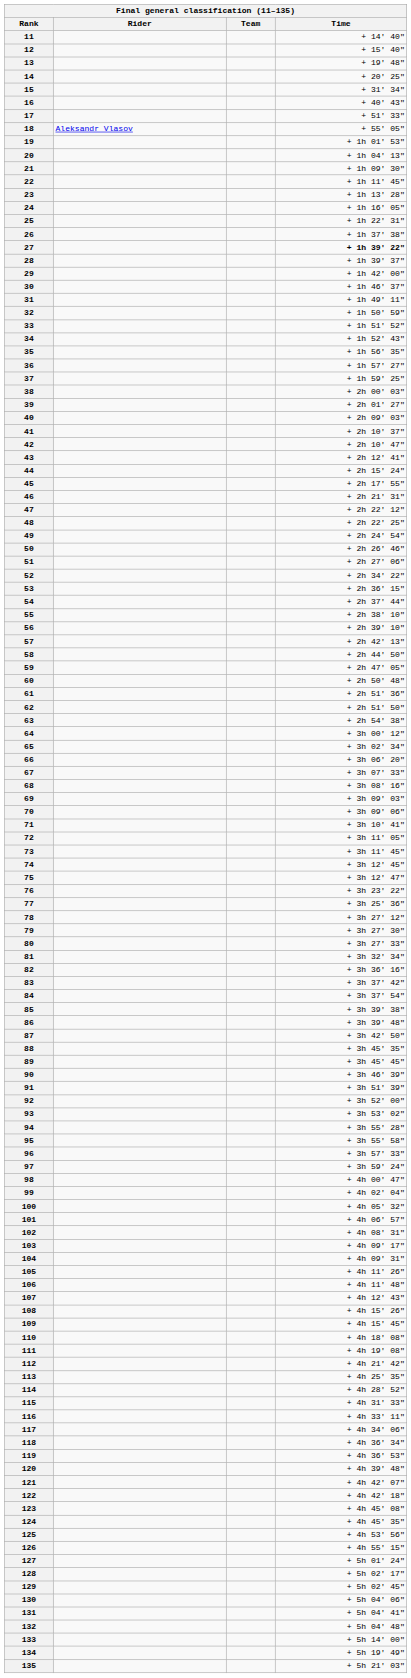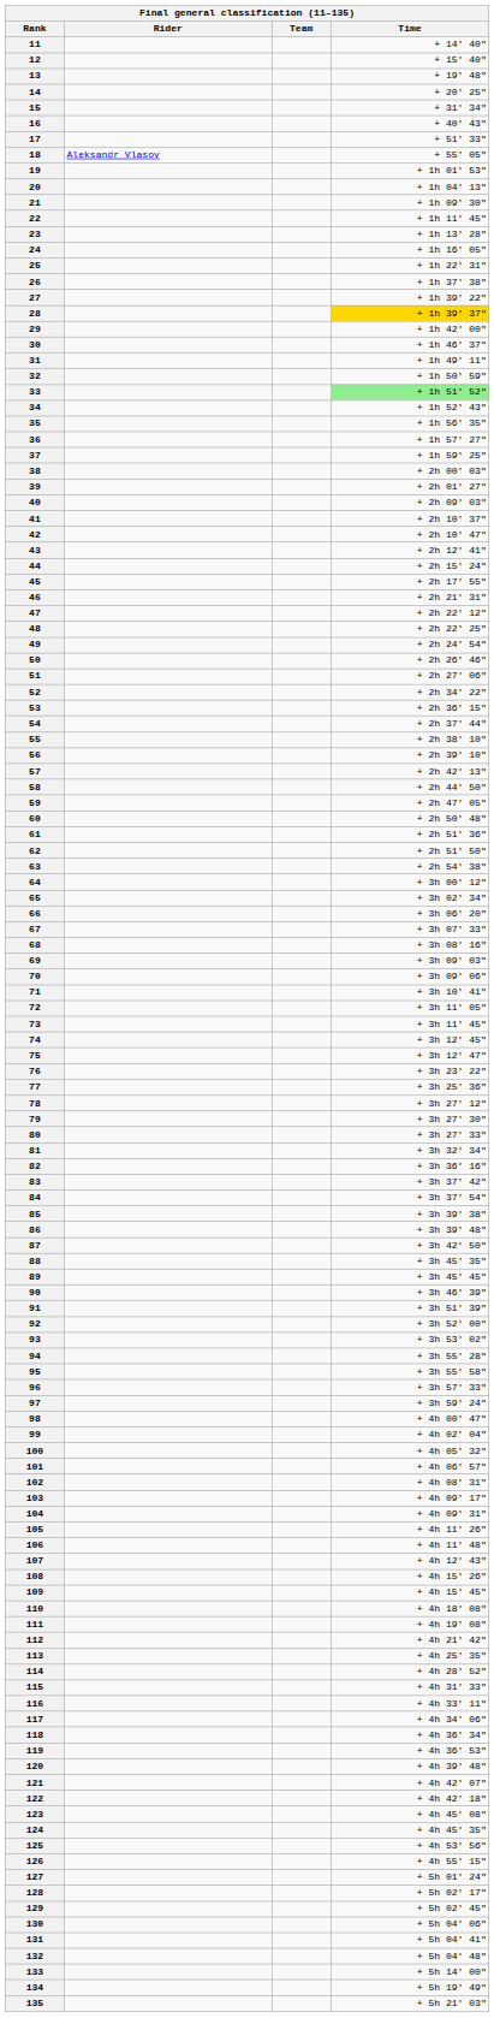 <table class="collapsible collapsed wikitable" style="width:50em;margin-top:-1px;">
 <tr>
 <th scope="col" colspan="4">Final general classification (11–135)</th>
 </tr>
 <tr>
 <th scope="col">Rank</th>
 <th scope="col">Rider</th>
 <th scope="col">Team</th>
 <th scope="col">Time</th>
 </tr>
 <tr>
 <th scope="row">11</th>
 <td></td>
 <td></td>
 <td style="text-align:right;">+ 14' 40"</td>
 </tr>
 <tr>
 <th scope="row">12</th>
 <td> </td>
 <td></td>
 <td style="text-align:right;">+ 15' 40"</td>
 </tr>
 <tr>
 <th scope="row">13</th>
 <td></td>
 <td></td>
 <td style="text-align:right;">+ 19' 48"</td>
 </tr>
 <tr>
 <th scope="row">14</th>
 <td></td>
 <td></td>
 <td style="text-align:right;">+ 20' 25"</td>
 </tr>
 <tr>
 <th scope="row">15</th>
 <td></td>
 <td></td>
 <td style="text-align:right;">+ 31' 34"</td>
 </tr>
 <tr>
 <th scope="row">16</th>
 <td></td>
 <td></td>
 <td style="text-align:right;">+ 40' 43"</td>
 </tr>
 <tr>
 <th scope="row">17</th>
 <td></td>
 <td></td>
 <td style="text-align:right;">+ 51' 33"</td>
 </tr>
 <tr>
 <th scope="row">18</th>
 <td> <a href='#'>Aleksandr Vlasov</a></td>
 <td></td>
 <td style="text-align:right;">+ 55' 05"</td>
 </tr>
 <tr>
 <th scope="row">19</th>
 <td></td>
 <td></td>
 <td style="text-align:right;">+ 1h 01' 53"</td>
 </tr>
 <tr>
 <th scope="row">20</th>
 <td></td>
 <td></td>
 <td style="text-align:right;">+ 1h 04' 13"</td>
 </tr>
 <tr>
 <th scope="row">21</th>
 <td></td>
 <td></td>
 <td style="text-align:right;">+ 1h 09' 30"</td>
 </tr>
 <tr>
 <th scope="row">22</th>
 <td></td>
 <td></td>
 <td style="text-align:right;">+ 1h 11' 45"</td>
 </tr>
 <tr>
 <th scope="row">23</th>
 <td></td>
 <td></td>
 <td style="text-align:right;">+ 1h 13' 28"</td>
 </tr>
 <tr>
 <th scope="row">24</th>
 <td></td>
 <td></td>
 <td style="text-align:right;">+ 1h 16' 05"</td>
 </tr>
 <tr>
 <th scope="row">25</th>
 <td></td>
 <td></td>
 <td style="text-align:right;">+ 1h 22' 31"</td>
 </tr>
 <tr>
 <th scope="row">26</th>
 <td></td>
 <td></td>
 <td style="text-align:right;">+ 1h 37' 38"</td>
 </tr>
 <tr>
 <th scope="row">27</th>
 <td></td>
 <td></td>
-<td style="text-align:right;"><strong>+ 1h 39' 22"</strong></td>
+<td style="text-align:right;">+ 1h 39' 22"</td>
 </tr>
 <tr>
 <th scope="row">28</th>
 <td></td>
 <td></td>
-<td style="text-align:right;">+ 1h 39' 37"</td>
+<td style="background: gold; text-align:right;">+ 1h 39' 37"</td>
 </tr>
 <tr>
 <th scope="row">29</th>
 <td></td>
 <td></td>
 <td style="text-align:right;">+ 1h 42' 00"</td>
 </tr>
 <tr>
 <th scope="row">30</th>
 <td></td>
 <td></td>
 <td style="text-align:right;">+ 1h 46' 37"</td>
 </tr>
 <tr>
 <th scope="row">31</th>
 <td></td>
 <td></td>
 <td style="text-align:right;">+ 1h 49' 11"</td>
 </tr>
 <tr>
 <th scope="row">32</th>
 <td></td>
 <td></td>
 <td style="text-align:right;">+ 1h 50' 59"</td>
 </tr>
 <tr>
 <th scope="row">33</th>
 <td></td>
 <td></td>
-<td style="text-align:right;">+ 1h 51' 52"</td>
+<td style="background: lightgreen; text-align:right;">+ 1h 51' 52"</td>
 </tr>
 <tr>
 <th scope="row">34</th>
 <td></td>
 <td></td>
 <td style="text-align:right;">+ 1h 52' 43"</td>
 </tr>
 <tr>
 <th scope="row">35</th>
 <td></td>
 <td></td>
 <td style="text-align:right;">+ 1h 56' 35"</td>
 </tr>
 <tr>
 <th scope="row">36</th>
 <td> </td>
 <td></td>
 <td style="text-align:right;">+ 1h 57' 27"</td>
 </tr>
 <tr>
 <th scope="row">37</th>
 <td></td>
 <td></td>
 <td style="text-align:right;">+ 1h 59' 25"</td>
 </tr>
 <tr>
 <th scope="row">38</th>
 <td></td>
 <td></td>
 <td style="text-align:right;">+ 2h 00' 03"</td>
 </tr>
 <tr>
 <th scope="row">39</th>
 <td></td>
 <td></td>
 <td style="text-align:right;">+ 2h 01' 27"</td>
 </tr>
 <tr>
 <th scope="row">40</th>
 <td></td>
 <td></td>
 <td style="text-align:right;">+ 2h 09' 03"</td>
 </tr>
 <tr>
 <th scope="row">41</th>
 <td> </td>
 <td></td>
 <td style="text-align:right;">+ 2h 10' 37"</td>
 </tr>
 <tr>
 <th scope="row">42</th>
 <td></td>
 <td></td>
 <td style="text-align:right;">+ 2h 10' 47"</td>
 </tr>
 <tr>
 <th scope="row">43</th>
 <td></td>
 <td></td>
 <td style="text-align:right;">+ 2h 12' 41"</td>
 </tr>
 <tr>
 <th scope="row">44</th>
 <td></td>
 <td></td>
 <td style="text-align:right;">+ 2h 15' 24"</td>
 </tr>
 <tr>
 <th scope="row">45</th>
 <td></td>
 <td></td>
 <td style="text-align:right;">+ 2h 17' 55"</td>
 </tr>
 <tr>
 <th scope="row">46</th>
 <td></td>
 <td></td>
 <td style="text-align:right;">+ 2h 21' 31"</td>
 </tr>
 <tr>
 <th scope="row">47</th>
 <td></td>
 <td></td>
 <td style="text-align:right;">+ 2h 22' 12"</td>
 </tr>
 <tr>
 <th scope="row">48</th>
 <td></td>
 <td></td>
 <td style="text-align:right;">+ 2h 22' 25"</td>
 </tr>
 <tr>
 <th scope="row">49</th>
 <td></td>
 <td></td>
 <td style="text-align:right;">+ 2h 24' 54"</td>
 </tr>
 <tr>
 <th scope="row">50</th>
 <td></td>
 <td></td>
 <td style="text-align:right;">+ 2h 26' 46"</td>
 </tr>
 <tr>
 <th scope="row">51</th>
 <td></td>
 <td></td>
 <td style="text-align:right;">+ 2h 27' 06"</td>
 </tr>
 <tr>
 <th scope="row">52</th>
 <td></td>
 <td></td>
 <td style="text-align:right;">+ 2h 34' 22"</td>
 </tr>
 <tr>
 <th scope="row">53</th>
 <td></td>
 <td></td>
 <td style="text-align:right;">+ 2h 36' 15"</td>
 </tr>
 <tr>
 <th scope="row">54</th>
 <td> </td>
 <td></td>
 <td style="text-align:right;">+ 2h 37' 44"</td>
 </tr>
 <tr>
 <th scope="row">55</th>
 <td></td>
 <td></td>
 <td style="text-align:right;">+ 2h 38' 10"</td>
 </tr>
 <tr>
 <th scope="row">56</th>
 <td></td>
 <td></td>
 <td style="text-align:right;">+ 2h 39' 10"</td>
 </tr>
 <tr>
 <th scope="row">57</th>
 <td> </td>
 <td></td>
 <td style="text-align:right;">+ 2h 42' 13"</td>
 </tr>
 <tr>
 <th scope="row">58</th>
 <td></td>
 <td></td>
 <td style="text-align:right;">+ 2h 44' 50"</td>
 </tr>
 <tr>
 <th scope="row">59</th>
 <td></td>
 <td></td>
 <td style="text-align:right;">+ 2h 47' 05"</td>
 </tr>
 <tr>
 <th scope="row">60</th>
 <td></td>
 <td></td>
 <td style="text-align:right;">+ 2h 50' 48"</td>
 </tr>
 <tr>
 <th scope="row">61</th>
 <td></td>
 <td></td>
 <td style="text-align:right;">+ 2h 51' 36"</td>
 </tr>
 <tr>
 <th scope="row">62</th>
 <td></td>
 <td></td>
 <td style="text-align:right;">+ 2h 51' 50"</td>
 </tr>
 <tr>
 <th scope="row">63</th>
 <td></td>
 <td></td>
 <td style="text-align:right;">+ 2h 54' 38"</td>
 </tr>
 <tr>
 <th scope="row">64</th>
 <td></td>
 <td></td>
 <td style="text-align:right;">+ 3h 00' 12"</td>
 </tr>
 <tr>
 <th scope="row">65</th>
 <td></td>
 <td></td>
 <td style="text-align:right;">+ 3h 02' 34"</td>
 </tr>
 <tr>
 <th scope="row">66</th>
 <td> </td>
 <td></td>
 <td style="text-align:right;">+ 3h 06' 20"</td>
 </tr>
 <tr>
 <th scope="row">67</th>
 <td></td>
 <td></td>
 <td style="text-align:right;">+ 3h 07' 33"</td>
 </tr>
 <tr>
 <th scope="row">68</th>
 <td></td>
 <td></td>
 <td style="text-align:right;">+ 3h 08' 16"</td>
 </tr>
 <tr>
 <th scope="row">69</th>
 <td></td>
 <td></td>
 <td style="text-align:right;">+ 3h 09' 03"</td>
 </tr>
 <tr>
 <th scope="row">70</th>
 <td></td>
 <td></td>
 <td style="text-align:right;">+ 3h 09' 06"</td>
 </tr>
 <tr>
 <th scope="row">71</th>
 <td></td>
 <td></td>
 <td style="text-align:right;">+ 3h 10' 41"</td>
 </tr>
 <tr>
 <th scope="row">72</th>
 <td></td>
 <td></td>
 <td style="text-align:right;">+ 3h 11' 05"</td>
 </tr>
 <tr>
 <th scope="row">73</th>
 <td></td>
 <td></td>
 <td style="text-align:right;">+ 3h 11' 45"</td>
 </tr>
 <tr>
 <th scope="row">74</th>
 <td></td>
 <td></td>
 <td style="text-align:right;">+ 3h 12' 45"</td>
 </tr>
 <tr>
 <th scope="row">75</th>
 <td></td>
 <td></td>
 <td style="text-align:right;">+ 3h 12' 47"</td>
 </tr>
 <tr>
 <th scope="row">76</th>
 <td></td>
 <td></td>
 <td style="text-align:right;">+ 3h 23' 22"</td>
 </tr>
 <tr>
 <th scope="row">77</th>
 <td></td>
 <td></td>
 <td style="text-align:right;">+ 3h 25' 36"</td>
 </tr>
 <tr>
 <th scope="row">78</th>
 <td></td>
 <td></td>
 <td style="text-align:right;">+ 3h 27' 12"</td>
 </tr>
 <tr>
 <th scope="row">79</th>
 <td></td>
 <td></td>
 <td style="text-align:right;">+ 3h 27' 30"</td>
 </tr>
 <tr>
 <th scope="row">80</th>
 <td></td>
 <td></td>
 <td style="text-align:right;">+ 3h 27' 33"</td>
 </tr>
 <tr>
 <th scope="row">81</th>
 <td></td>
 <td></td>
 <td style="text-align:right;">+ 3h 32' 34"</td>
 </tr>
 <tr>
 <th scope="row">82</th>
 <td></td>
 <td></td>
 <td style="text-align:right;">+ 3h 36' 16"</td>
 </tr>
 <tr>
 <th scope="row">83</th>
 <td></td>
 <td></td>
 <td style="text-align:right;">+ 3h 37' 42"</td>
 </tr>
 <tr>
 <th scope="row">84</th>
 <td></td>
 <td></td>
 <td style="text-align:right;">+ 3h 37' 54"</td>
 </tr>
 <tr>
 <th scope="row">85</th>
 <td></td>
 <td></td>
 <td style="text-align:right;">+ 3h 39' 38"</td>
 </tr>
 <tr>
 <th scope="row">86</th>
 <td></td>
 <td></td>
 <td style="text-align:right;">+ 3h 39' 48"</td>
 </tr>
 <tr>
 <th scope="row">87</th>
 <td></td>
 <td></td>
 <td style="text-align:right;">+ 3h 42' 50"</td>
 </tr>
 <tr>
 <th scope="row">88</th>
 <td></td>
 <td></td>
 <td style="text-align:right;">+ 3h 45' 35"</td>
 </tr>
 <tr>
 <th scope="row">89</th>
 <td></td>
 <td></td>
 <td style="text-align:right;">+ 3h 45' 45"</td>
 </tr>
 <tr>
 <th scope="row">90</th>
 <td></td>
 <td></td>
 <td style="text-align:right;">+ 3h 46' 39"</td>
 </tr>
 <tr>
 <th scope="row">91</th>
 <td></td>
 <td></td>
 <td style="text-align:right;">+ 3h 51' 39"</td>
 </tr>
 <tr>
 <th scope="row">92</th>
 <td></td>
 <td></td>
 <td style="text-align:right;">+ 3h 52' 00"</td>
 </tr>
 <tr>
 <th scope="row">93</th>
 <td></td>
 <td></td>
 <td style="text-align:right;">+ 3h 53' 02"</td>
 </tr>
 <tr>
 <th scope="row">94</th>
 <td></td>
 <td></td>
 <td style="text-align:right;">+ 3h 55' 28"</td>
 </tr>
 <tr>
 <th scope="row">95</th>
 <td></td>
 <td></td>
 <td style="text-align:right;">+ 3h 55' 58"</td>
 </tr>
 <tr>
 <th scope="row">96</th>
 <td></td>
 <td></td>
 <td style="text-align:right;">+ 3h 57' 33"</td>
 </tr>
 <tr>
 <th scope="row">97</th>
 <td></td>
 <td></td>
 <td style="text-align:right;">+ 3h 59' 24"</td>
 </tr>
 <tr>
 <th scope="row">98</th>
 <td></td>
 <td></td>
 <td style="text-align:right;">+ 4h 00' 47"</td>
 </tr>
 <tr>
 <th scope="row">99</th>
 <td></td>
 <td></td>
 <td style="text-align:right;">+ 4h 02' 04"</td>
 </tr>
 <tr>
 <th scope="row">100</th>
 <td> </td>
 <td></td>
 <td style="text-align:right;">+ 4h 05' 32"</td>
 </tr>
 <tr>
 <th scope="row">101</th>
 <td></td>
 <td></td>
 <td style="text-align:right;">+ 4h 06' 57"</td>
 </tr>
 <tr>
 <th scope="row">102</th>
 <td></td>
 <td></td>
 <td style="text-align:right;">+ 4h 08' 31"</td>
 </tr>
 <tr>
 <th scope="row">103</th>
 <td></td>
 <td></td>
 <td style="text-align:right;">+ 4h 09' 17"</td>
 </tr>
 <tr>
 <th scope="row">104</th>
 <td></td>
 <td></td>
 <td style="text-align:right;">+ 4h 09' 31"</td>
 </tr>
 <tr>
 <th scope="row">105</th>
 <td></td>
 <td></td>
 <td style="text-align:right;">+ 4h 11' 26"</td>
 </tr>
 <tr>
 <th scope="row">106</th>
 <td></td>
 <td></td>
 <td style="text-align:right;">+ 4h 11' 48"</td>
 </tr>
 <tr>
 <th scope="row">107</th>
 <td></td>
 <td></td>
 <td style="text-align:right;">+ 4h 12' 43"</td>
 </tr>
 <tr>
 <th scope="row">108</th>
 <td></td>
 <td></td>
 <td style="text-align:right;">+ 4h 15' 26"</td>
 </tr>
 <tr>
 <th scope="row">109</th>
 <td></td>
 <td></td>
 <td style="text-align:right;">+ 4h 15' 45"</td>
 </tr>
 <tr>
 <th scope="row">110</th>
 <td></td>
 <td></td>
 <td style="text-align:right;">+ 4h 18' 08"</td>
 </tr>
 <tr>
 <th scope="row">111</th>
 <td></td>
 <td></td>
 <td style="text-align:right;">+ 4h 19' 08"</td>
 </tr>
 <tr>
 <th scope="row">112</th>
 <td></td>
 <td></td>
 <td style="text-align:right;">+ 4h 21' 42"</td>
 </tr>
 <tr>
 <th scope="row">113</th>
 <td></td>
 <td></td>
 <td style="text-align:right;">+ 4h 25' 35"</td>
 </tr>
 <tr>
 <th scope="row">114</th>
 <td></td>
 <td></td>
 <td style="text-align:right;">+ 4h 28' 52"</td>
 </tr>
 <tr>
 <th scope="row">115</th>
 <td></td>
 <td></td>
 <td style="text-align:right;">+ 4h 31' 33"</td>
 </tr>
 <tr>
 <th scope="row">116</th>
 <td></td>
 <td></td>
 <td style="text-align:right;">+ 4h 33' 11"</td>
 </tr>
 <tr>
 <th scope="row">117</th>
 <td></td>
 <td></td>
 <td style="text-align:right;">+ 4h 34' 06"</td>
 </tr>
 <tr>
 <th scope="row">118</th>
 <td></td>
 <td></td>
 <td style="text-align:right;">+ 4h 36' 34"</td>
 </tr>
 <tr>
 <th scope="row">119</th>
 <td></td>
 <td></td>
 <td style="text-align:right;">+ 4h 36' 53"</td>
 </tr>
 <tr>
 <th scope="row">120</th>
 <td></td>
 <td></td>
 <td style="text-align:right;">+ 4h 39' 48"</td>
 </tr>
 <tr>
 <th scope="row">121</th>
 <td></td>
 <td></td>
 <td style="text-align:right;">+ 4h 42' 07"</td>
 </tr>
 <tr>
 <th scope="row">122</th>
 <td></td>
 <td></td>
 <td style="text-align:right;">+ 4h 42' 18"</td>
 </tr>
 <tr>
 <th scope="row">123</th>
 <td></td>
 <td></td>
 <td style="text-align:right;">+ 4h 45' 08"</td>
 </tr>
 <tr>
 <th scope="row">124</th>
 <td></td>
 <td></td>
 <td style="text-align:right;">+ 4h 45' 35"</td>
 </tr>
 <tr>
 <th scope="row">125</th>
 <td></td>
 <td></td>
 <td style="text-align:right;">+ 4h 53' 56"</td>
 </tr>
 <tr>
 <th scope="row">126</th>
 <td></td>
 <td></td>
 <td style="text-align:right;">+ 4h 55' 15"</td>
 </tr>
 <tr>
 <th scope="row">127</th>
 <td></td>
 <td></td>
 <td style="text-align:right;">+ 5h 01' 24"</td>
 </tr>
 <tr>
 <th scope="row">128</th>
 <td></td>
 <td></td>
 <td style="text-align:right;">+ 5h 02' 17"</td>
 </tr>
 <tr>
 <th scope="row">129</th>
 <td></td>
 <td></td>
 <td style="text-align:right;">+ 5h 02' 45"</td>
 </tr>
 <tr>
 <th scope="row">130</th>
 <td></td>
 <td></td>
 <td style="text-align:right;">+ 5h 04' 06"</td>
 </tr>
 <tr>
 <th scope="row">131</th>
 <td></td>
 <td></td>
 <td style="text-align:right;">+ 5h 04' 41"</td>
 </tr>
 <tr>
 <th scope="row">132</th>
 <td></td>
 <td></td>
 <td style="text-align:right;">+ 5h 04' 48"</td>
 </tr>
 <tr>
 <th scope="row">133</th>
 <td></td>
 <td></td>
 <td style="text-align:right;">+ 5h 14' 00"</td>
 </tr>
 <tr>
 <th scope="row">134</th>
 <td></td>
 <td></td>
 <td style="text-align:right;">+ 5h 19' 49"</td>
 </tr>
 <tr>
 <th scope="row">135</th>
 <td></td>
 <td></td>
 <td style="text-align:right;">+ 5h 21' 03"</td>
 </tr>
 </table>
